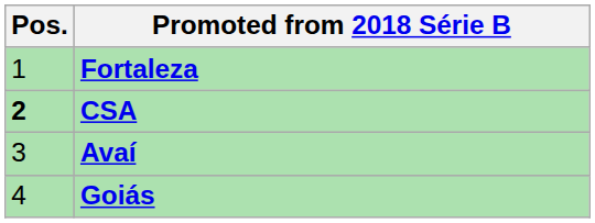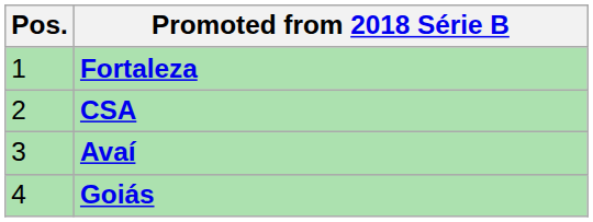 <table class="wikitable">
 <tr>
 <th style="text-align:center;">Pos.</th>
 <th width=300>Promoted from <a href='#'>2018 Série B</a></th>
 </tr>
 <tr style="background: #ACE1AF;">
 <td>1</td>
 <td><strong><a href='#'>Fortaleza</a></strong></td>
 </tr>
 <tr style="background: #ACE1AF;">
-<td><strong>2</strong></td>
+<td>2</td>
 <td><strong><a href='#'>CSA</a></strong></td>
 </tr>
 <tr style="background: #ACE1AF;">
 <td>3</td>
 <td><strong><a href='#'>Avaí</a></strong></td>
 </tr>
 <tr style="background: #ACE1AF;">
 <td>4</td>
 <td><strong><a href='#'>Goiás</a></strong></td>
 </tr>
 </table>
